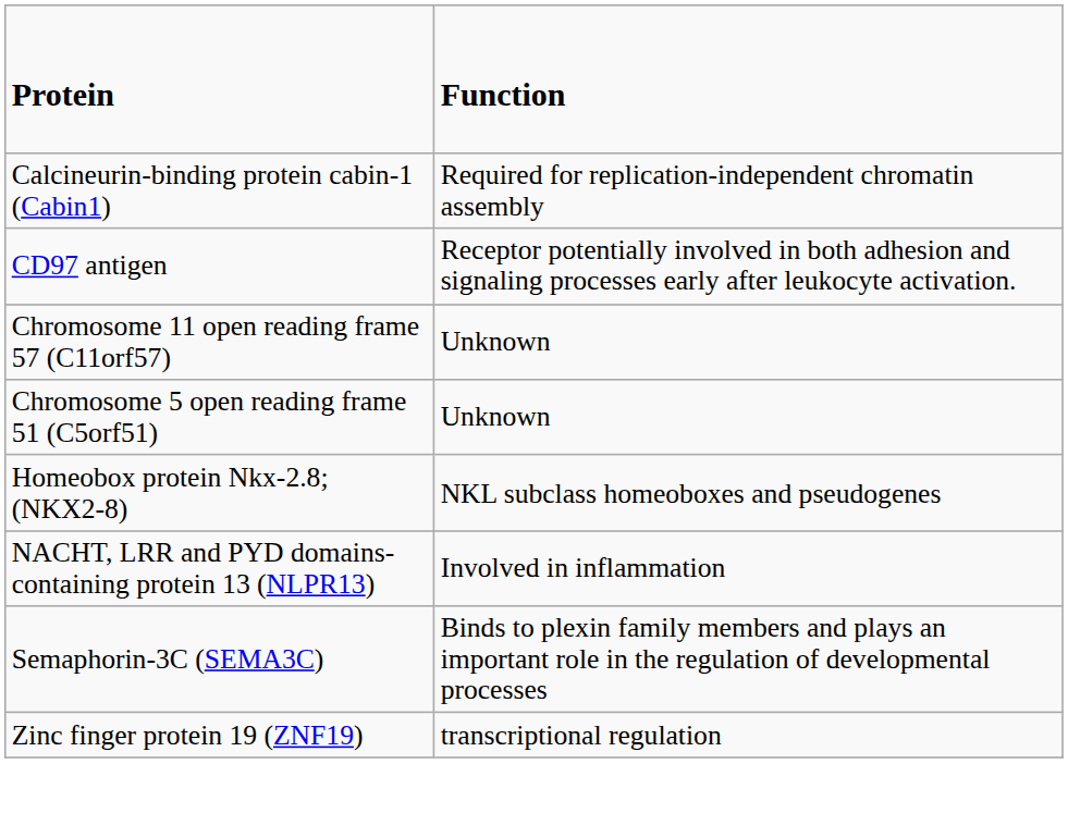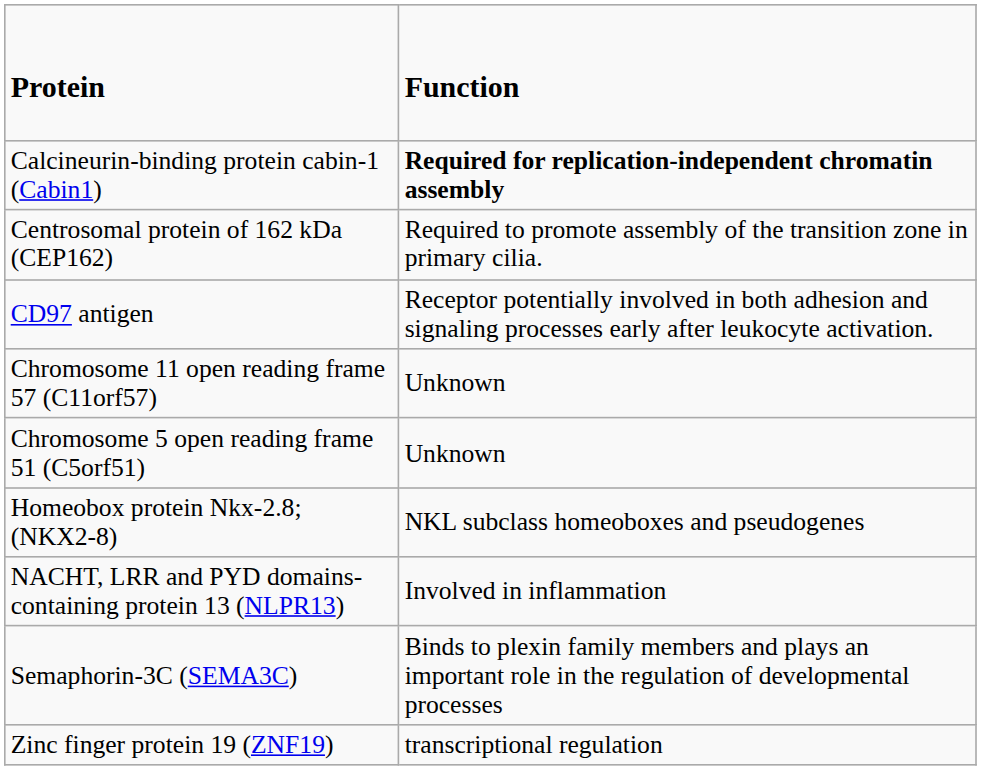 <table class="wikitable">
 <tr>
 <td><br><h3>Protein</h3></td>
 <td><br><h3>Function</h3></td>
 </tr>
 <tr>
 <td>Calcineurin-binding protein cabin-1 (<a href='#'>Cabin1</a>)</td>
-<td>Required for replication-independent chromatin assembly</td>
+<td><strong>Required for replication-independent chromatin assembly</strong></td>
+</tr>
+<tr>
+<td>Centrosomal protein of 162 kDa (CEP162)</td>
+<td>Required to promote assembly of the transition zone in primary cilia.</td>
 </tr>
 <tr>
 <td><a href='#'>CD97</a> antigen</td>
 <td>Receptor potentially involved in both adhesion and signaling processes early after leukocyte activation.</td>
 </tr>
 <tr>
 <td>Chromosome 11 open reading frame 57 (C11orf57)</td>
 <td>Unknown</td>
 </tr>
 <tr>
 <td>Chromosome 5 open reading frame 51 (C5orf51)</td>
 <td>Unknown</td>
 </tr>
 <tr>
 <td>Homeobox protein Nkx-2.8; (NKX2-8)</td>
 <td>NKL subclass homeoboxes and pseudogenes</td>
 </tr>
 <tr>
 <td>NACHT, LRR and PYD domains-containing protein 13 (<a href='#'>NLPR13</a>)</td>
 <td>Involved in inflammation</td>
 </tr>
 <tr>
 <td>Semaphorin-3C (<a href='#'>SEMA3C</a>)</td>
 <td>Binds to plexin family members and plays an important role in the regulation of developmental processes</td>
 </tr>
 <tr>
 <td>Zinc finger protein 19 (<a href='#'>ZNF19</a>)</td>
 <td>transcriptional regulation</td>
 </tr>
 </table>
